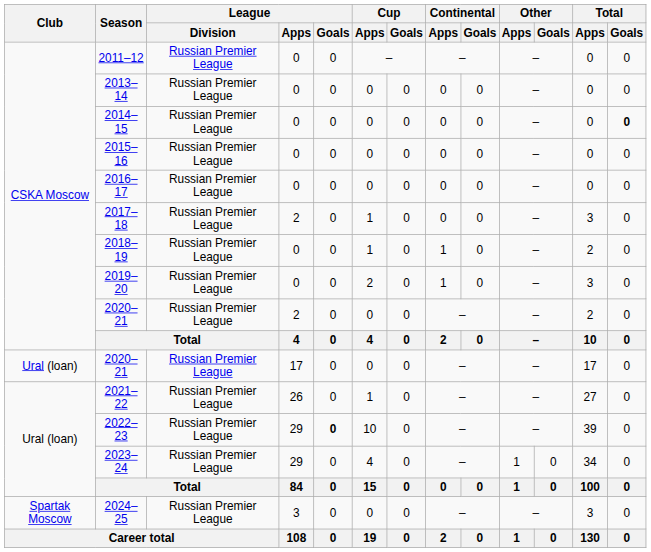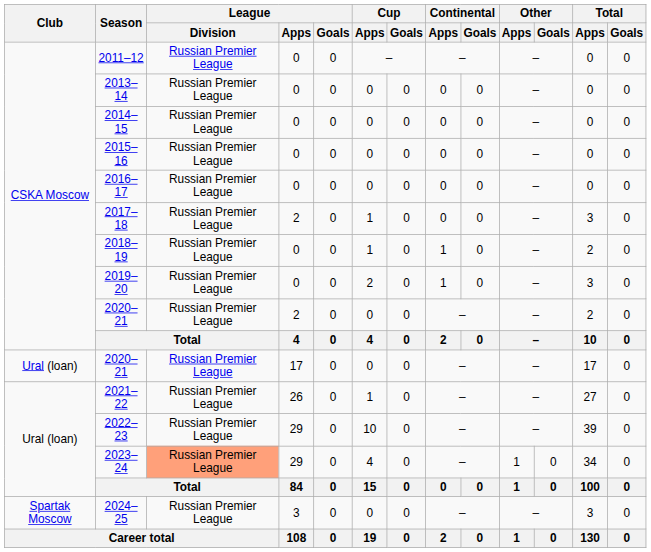 <table class="wikitable" style="text-align: center;">
 <tr>
 <th rowspan=2>Club</th>
 <th rowspan=2>Season</th>
 <th colspan=3>League</th>
 <th colspan=2>Cup</th>
 <th colspan=2>Continental</th>
 <th colspan=2>Other</th>
 <th colspan=2>Total</th>
 </tr>
 <tr>
 <th>Division</th>
 <th>Apps</th>
 <th>Goals</th>
 <th>Apps</th>
 <th>Goals</th>
 <th>Apps</th>
 <th>Goals</th>
 <th>Apps</th>
 <th>Goals</th>
 <th>Apps</th>
 <th>Goals</th>
 </tr>
 <tr>
 <td rowspan="10"><a href='#'>CSKA Moscow</a></td>
 <td><a href='#'>2011–12</a></td>
 <td><a href='#'>Russian Premier League</a></td>
 <td>0</td>
 <td>0</td>
 <td colspan=2>–</td>
 <td colspan=2>–</td>
 <td colspan=2>–</td>
 <td>0</td>
 <td>0</td>
 </tr>
 <tr>
 <td><a href='#'>2013–14</a></td>
 <td>Russian Premier League</td>
 <td>0</td>
 <td>0</td>
 <td>0</td>
 <td>0</td>
 <td>0</td>
 <td>0</td>
 <td colspan=2>–</td>
 <td>0</td>
 <td>0</td>
 </tr>
 <tr>
 <td><a href='#'>2014–15</a></td>
 <td>Russian Premier League</td>
 <td>0</td>
 <td>0</td>
 <td>0</td>
 <td>0</td>
 <td>0</td>
 <td>0</td>
 <td colspan=2>–</td>
 <td>0</td>
-<td><strong>0</strong></td>
+<td>0</td>
 </tr>
 <tr>
 <td><a href='#'>2015–16</a></td>
 <td>Russian Premier League</td>
 <td>0</td>
 <td>0</td>
 <td>0</td>
 <td>0</td>
 <td>0</td>
 <td>0</td>
 <td colspan=2>–</td>
 <td>0</td>
 <td>0</td>
 </tr>
 <tr>
 <td><a href='#'>2016–17</a></td>
 <td>Russian Premier League</td>
 <td>0</td>
 <td>0</td>
 <td>0</td>
 <td>0</td>
 <td>0</td>
 <td>0</td>
 <td colspan=2>–</td>
 <td>0</td>
 <td>0</td>
 </tr>
 <tr>
 <td><a href='#'>2017–18</a></td>
 <td>Russian Premier League</td>
 <td>2</td>
 <td>0</td>
 <td>1</td>
 <td>0</td>
 <td>0</td>
 <td>0</td>
 <td colspan=2>–</td>
 <td>3</td>
 <td>0</td>
 </tr>
 <tr>
 <td><a href='#'>2018–19</a></td>
 <td>Russian Premier League</td>
 <td>0</td>
 <td>0</td>
 <td>1</td>
 <td>0</td>
 <td>1</td>
 <td>0</td>
 <td colspan=2>–</td>
 <td>2</td>
 <td>0</td>
 </tr>
 <tr>
 <td><a href='#'>2019–20</a></td>
 <td>Russian Premier League</td>
 <td>0</td>
 <td>0</td>
 <td>2</td>
 <td>0</td>
 <td>1</td>
 <td>0</td>
 <td colspan=2>–</td>
 <td>3</td>
 <td>0</td>
 </tr>
 <tr>
 <td><a href='#'>2020–21</a></td>
 <td>Russian Premier League</td>
 <td>2</td>
 <td>0</td>
 <td>0</td>
 <td>0</td>
 <td colspan=2>–</td>
 <td colspan=2>–</td>
 <td>2</td>
 <td>0</td>
 </tr>
 <tr>
 <th colspan=2>Total</th>
 <th>4</th>
 <th>0</th>
 <th>4</th>
 <th>0</th>
 <th>2</th>
 <th>0</th>
 <th colspan=2>–</th>
 <th>10</th>
 <th>0</th>
 </tr>
 <tr>
 <td><a href='#'>Ural</a> (loan)</td>
 <td><a href='#'>2020–21</a></td>
 <td><a href='#'>Russian Premier League</a></td>
 <td>17</td>
 <td>0</td>
 <td>0</td>
 <td>0</td>
 <td colspan=2>–</td>
 <td colspan=2>–</td>
 <td>17</td>
 <td>0</td>
 </tr>
 <tr>
 <td rowspan="4">Ural (loan)</td>
 <td><a href='#'>2021–22</a></td>
 <td>Russian Premier League</td>
 <td>26</td>
 <td>0</td>
 <td>1</td>
 <td>0</td>
 <td colspan=2>–</td>
 <td colspan=2>–</td>
 <td>27</td>
 <td>0</td>
 </tr>
 <tr>
 <td><a href='#'>2022–23</a></td>
 <td>Russian Premier League</td>
 <td>29</td>
-<td><strong>0</strong></td>
+<td>0</td>
 <td>10</td>
 <td>0</td>
 <td colspan=2>–</td>
 <td colspan=2>–</td>
 <td>39</td>
 <td>0</td>
 </tr>
 <tr>
 <td><a href='#'>2023–24</a></td>
-<td>Russian Premier League</td>
+<td style="background: lightsalmon;">Russian Premier League</td>
 <td>29</td>
 <td>0</td>
 <td>4</td>
 <td>0</td>
 <td colspan=2>–</td>
 <td>1</td>
 <td>0</td>
 <td>34</td>
 <td>0</td>
 </tr>
 <tr>
 <th colspan=2>Total</th>
 <th>84</th>
 <th>0</th>
 <th>15</th>
 <th>0</th>
 <th>0</th>
 <th>0</th>
 <th>1</th>
 <th>0</th>
 <th>100</th>
 <th>0</th>
 </tr>
 <tr>
 <td><a href='#'>Spartak Moscow</a></td>
 <td><a href='#'>2024–25</a></td>
 <td>Russian Premier League</td>
 <td>3</td>
 <td>0</td>
 <td>0</td>
 <td>0</td>
 <td colspan=2>–</td>
 <td colspan=2>–</td>
 <td>3</td>
 <td>0</td>
 </tr>
 <tr>
 <th colspan=3>Career total</th>
 <th>108</th>
 <th>0</th>
 <th>19</th>
 <th>0</th>
 <th>2</th>
 <th>0</th>
 <th>1</th>
 <th>0</th>
 <th>130</th>
 <th>0</th>
 </tr>
 </table>
